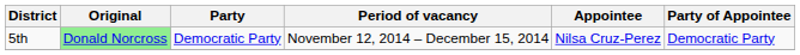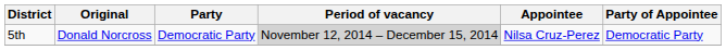 <table class="wikitable sortable">
 <tr>
 <th>District</th>
 <th>Original</th>
 <th>Party</th>
 <th>Period of vacancy</th>
 <th>Appointee</th>
 <th>Party of Appointee</th>
 </tr>
 <tr>
 <td>5th</td>
-<td style="background: lightgreen;"><a href='#'>Donald Norcross</a></td>
+<td><a href='#'>Donald Norcross</a></td>
 <td><a href='#'>Democratic Party</a></td>
-<td>November 12, 2014 – December 15, 2014</td>
+<td style="background: lightgrey;">November 12, 2014 – December 15, 2014</td>
 <td><a href='#'>Nilsa Cruz-Perez</a></td>
 <td><a href='#'>Democratic Party</a></td>
 </tr>
 <tr>
 </tr>
 </table>
